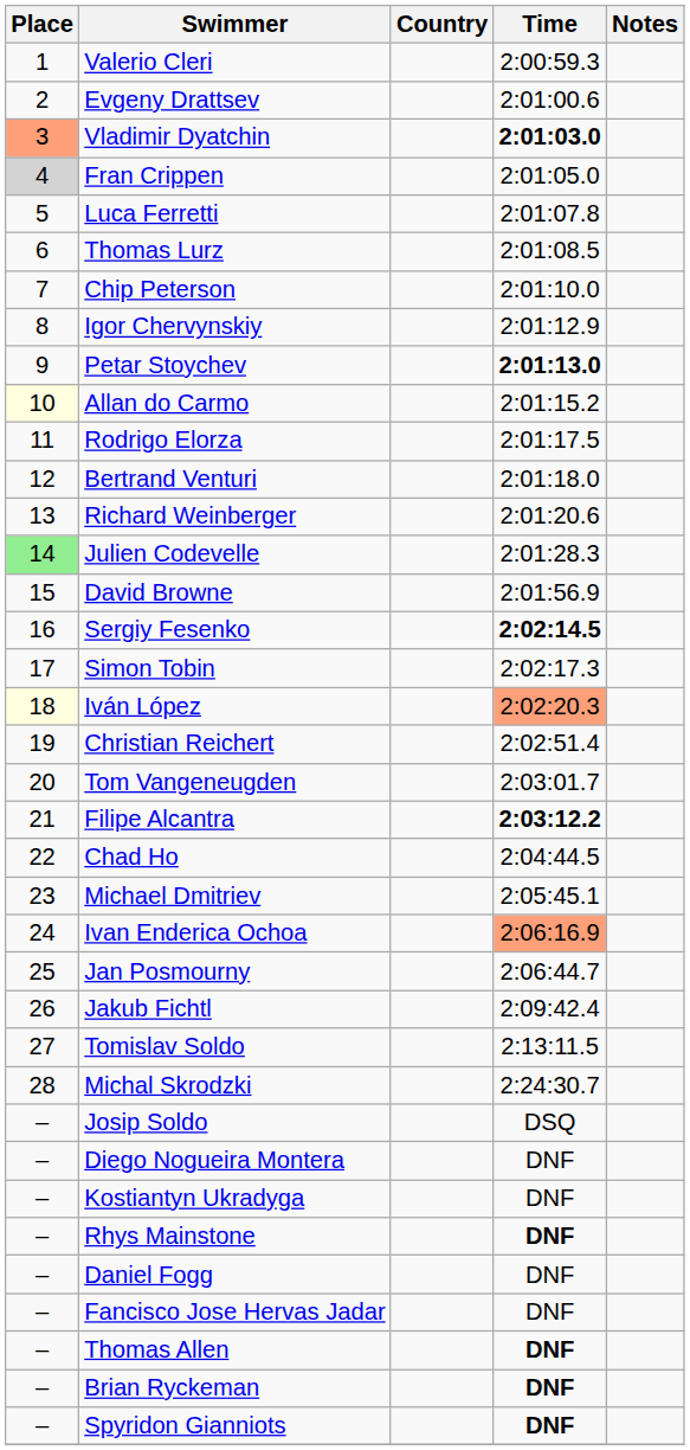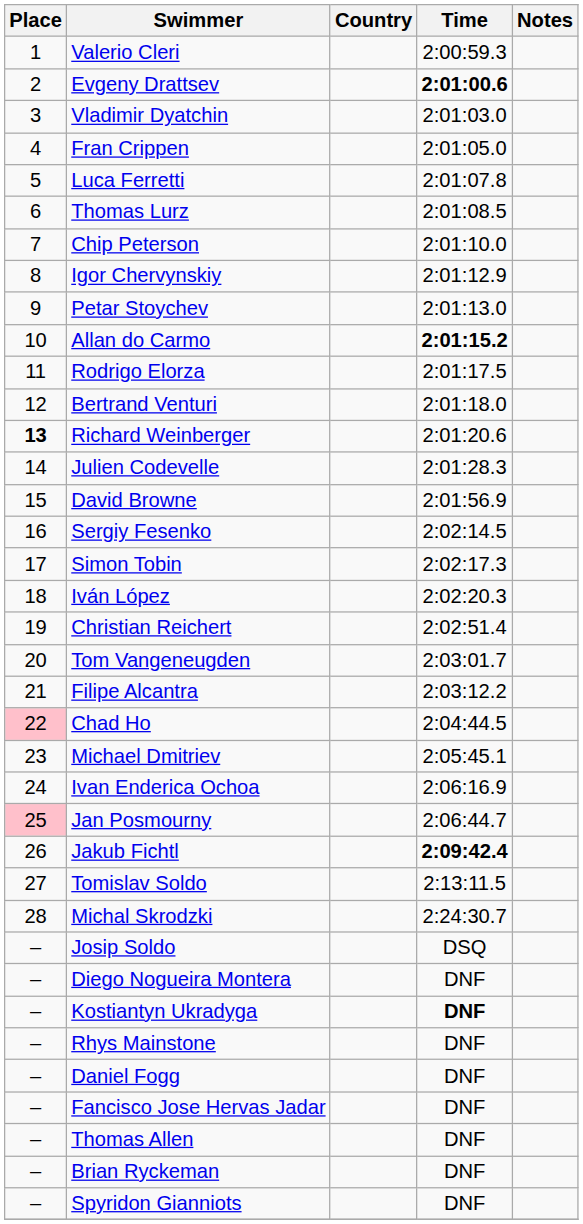 <table class="wikitable" style="text-align:center">
 <tr>
 <th>Place</th>
 <th>Swimmer</th>
 <th>Country</th>
 <th>Time</th>
 <th>Notes</th>
 </tr>
 <tr>
 <td>1</td>
 <td align=left><a href='#'>Valerio Cleri</a></td>
 <td align=left></td>
 <td>2:00:59.3</td>
 <td></td>
 </tr>
 <tr>
 <td>2</td>
 <td align=left><a href='#'>Evgeny Drattsev</a></td>
 <td align=left></td>
-<td>2:01:00.6</td>
+<td><strong>2:01:00.6</strong></td>
 <td></td>
 </tr>
 <tr>
-<td style="background: lightsalmon;">3</td>
+<td>3</td>
 <td align=left><a href='#'>Vladimir Dyatchin</a></td>
 <td align=left></td>
-<td><strong>2:01:03.0</strong></td>
+<td>2:01:03.0</td>
 <td></td>
 </tr>
 <tr>
-<td style="background: lightgrey;">4</td>
+<td>4</td>
 <td align=left><a href='#'>Fran Crippen</a></td>
 <td align=left></td>
 <td>2:01:05.0</td>
 <td></td>
 </tr>
 <tr>
 <td>5</td>
 <td align=left><a href='#'>Luca Ferretti</a></td>
 <td align=left></td>
 <td>2:01:07.8</td>
 <td></td>
 </tr>
 <tr>
 <td>6</td>
 <td align=left><a href='#'>Thomas Lurz</a></td>
 <td align=left></td>
 <td>2:01:08.5</td>
 <td></td>
 </tr>
 <tr>
 <td>7</td>
 <td align=left><a href='#'>Chip Peterson</a></td>
 <td align=left></td>
 <td>2:01:10.0</td>
 <td></td>
 </tr>
 <tr>
 <td>8</td>
 <td align=left><a href='#'>Igor Chervynskiy</a></td>
 <td align=left></td>
 <td>2:01:12.9</td>
 <td></td>
 </tr>
 <tr>
 <td>9</td>
 <td align=left><a href='#'>Petar Stoychev</a></td>
 <td align=left></td>
-<td><strong>2:01:13.0</strong></td>
+<td>2:01:13.0</td>
 <td></td>
 </tr>
 <tr>
-<td style="background: lightyellow;">10</td>
+<td>10</td>
 <td align=left><a href='#'>Allan do Carmo</a></td>
 <td align=left></td>
-<td>2:01:15.2</td>
+<td><strong>2:01:15.2</strong></td>
 <td></td>
 </tr>
 <tr>
 <td>11</td>
 <td align=left><a href='#'>Rodrigo Elorza</a></td>
 <td align=left></td>
 <td>2:01:17.5</td>
 <td></td>
 </tr>
 <tr>
 <td>12</td>
 <td align=left><a href='#'>Bertrand Venturi</a></td>
 <td align=left></td>
 <td>2:01:18.0</td>
 <td></td>
 </tr>
 <tr>
-<td>13</td>
+<td><strong>13</strong></td>
 <td align=left><a href='#'>Richard Weinberger</a></td>
 <td align=left></td>
 <td>2:01:20.6</td>
 <td></td>
 </tr>
 <tr>
-<td style="background: lightgreen;">14</td>
+<td>14</td>
 <td align=left><a href='#'>Julien Codevelle</a></td>
 <td align=left></td>
 <td>2:01:28.3</td>
 <td></td>
 </tr>
 <tr>
 <td>15</td>
 <td align=left><a href='#'>David Browne</a></td>
 <td align=left></td>
 <td>2:01:56.9</td>
 <td></td>
 </tr>
 <tr>
 <td>16</td>
 <td align=left><a href='#'>Sergiy Fesenko</a></td>
 <td align=left></td>
-<td><strong>2:02:14.5</strong></td>
+<td>2:02:14.5</td>
 <td></td>
 </tr>
 <tr>
 <td>17</td>
 <td align=left><a href='#'>Simon Tobin</a></td>
 <td align=left></td>
 <td>2:02:17.3</td>
 <td></td>
 </tr>
 <tr>
-<td style="background: lightyellow;">18</td>
+<td>18</td>
 <td align=left><a href='#'>Iván López</a></td>
 <td align=left></td>
-<td style="background: lightsalmon;">2:02:20.3</td>
+<td>2:02:20.3</td>
 <td></td>
 </tr>
 <tr>
 <td>19</td>
 <td align=left><a href='#'>Christian Reichert</a></td>
 <td align=left></td>
 <td>2:02:51.4</td>
 <td></td>
 </tr>
 <tr>
 <td>20</td>
 <td align=left><a href='#'>Tom Vangeneugden</a></td>
 <td align=left></td>
 <td>2:03:01.7</td>
 <td></td>
 </tr>
 <tr>
 <td>21</td>
 <td align=left><a href='#'>Filipe Alcantra</a></td>
 <td align=left></td>
-<td><strong>2:03:12.2</strong></td>
+<td>2:03:12.2</td>
 <td></td>
 </tr>
 <tr>
-<td>22</td>
+<td style="background: pink;">22</td>
 <td align=left><a href='#'>Chad Ho</a></td>
 <td align=left></td>
 <td>2:04:44.5</td>
 <td></td>
 </tr>
 <tr>
 <td>23</td>
 <td align=left><a href='#'>Michael Dmitriev</a></td>
 <td align=left></td>
 <td>2:05:45.1</td>
 <td></td>
 </tr>
 <tr>
 <td>24</td>
 <td align=left><a href='#'>Ivan Enderica Ochoa</a></td>
 <td align=left></td>
-<td style="background: lightsalmon;">2:06:16.9</td>
+<td>2:06:16.9</td>
 <td></td>
 </tr>
 <tr>
-<td>25</td>
+<td style="background: pink;">25</td>
 <td align=left><a href='#'>Jan Posmourny</a></td>
 <td align=left></td>
 <td>2:06:44.7</td>
 <td></td>
 </tr>
 <tr>
 <td>26</td>
 <td align=left><a href='#'>Jakub Fichtl</a></td>
 <td align=left></td>
-<td>2:09:42.4</td>
+<td><strong>2:09:42.4</strong></td>
 <td></td>
 </tr>
 <tr>
 <td>27</td>
 <td align=left><a href='#'>Tomislav Soldo</a></td>
 <td align=left></td>
 <td>2:13:11.5</td>
 <td></td>
 </tr>
 <tr>
 <td>28</td>
 <td align=left><a href='#'>Michal Skrodzki</a></td>
 <td align=left></td>
 <td>2:24:30.7</td>
 <td></td>
 </tr>
 <tr>
 <td>–</td>
 <td align=left><a href='#'>Josip Soldo</a></td>
 <td align=left></td>
 <td>DSQ</td>
 <td></td>
 </tr>
 <tr>
 <td>–</td>
 <td align=left><a href='#'>Diego Nogueira Montera</a></td>
 <td align=left></td>
 <td>DNF</td>
 <td></td>
 </tr>
 <tr>
 <td>–</td>
 <td align=left><a href='#'>Kostiantyn Ukradyga</a></td>
 <td align=left></td>
-<td>DNF</td>
+<td><strong>DNF</strong></td>
 <td></td>
 </tr>
 <tr>
 <td>–</td>
 <td align=left><a href='#'>Rhys Mainstone</a></td>
 <td align=left></td>
-<td><strong>DNF</strong></td>
+<td>DNF</td>
 <td></td>
 </tr>
 <tr>
 <td>–</td>
 <td align=left><a href='#'>Daniel Fogg</a></td>
 <td align=left></td>
 <td>DNF</td>
 <td></td>
 </tr>
 <tr>
 <td>–</td>
 <td align=left><a href='#'>Fancisco Jose Hervas Jadar</a></td>
 <td align=left></td>
 <td>DNF</td>
 <td></td>
 </tr>
 <tr>
 <td>–</td>
 <td align=left><a href='#'>Thomas Allen</a></td>
 <td align=left></td>
-<td><strong>DNF</strong></td>
+<td>DNF</td>
 <td></td>
 </tr>
 <tr>
 <td>–</td>
 <td align=left><a href='#'>Brian Ryckeman</a></td>
 <td align=left></td>
-<td><strong>DNF</strong></td>
+<td>DNF</td>
 <td></td>
 </tr>
 <tr>
 <td>–</td>
 <td align=left><a href='#'>Spyridon Gianniots</a></td>
 <td align=left></td>
-<td><strong>DNF</strong></td>
+<td>DNF</td>
 <td></td>
 </tr>
 <tr>
 </tr>
 </table>
